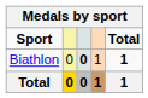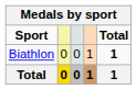 <table class="wikitable" style="font-size:85%;float:right">
 <tr style="background:#efefef;">
 <th colspan=5><strong>Medals by sport</strong></th>
 </tr>
 <tr align=center>
 <td><strong>Sport</strong></td>
 <td bgcolor=#f7f6a8></td>
 <td bgcolor=#dce5e5></td>
 <td bgcolor=#ffdab9></td>
 <td><strong>Total</strong></td>
 </tr>
 <tr align=center>
 <td><a href='#'>Biathlon</a></td>
 <td style="background:#F7F6A8;">0</td>
-<td style="background:#DCE5E5;"><strong>0</strong></td>
+<td style="background:#DCE5E5;">0</td>
 <td style="background:#FFDAB9;">1</td>
 <td><strong>1</strong></td>
 </tr>
 <tr align=center>
 <th><strong>Total</strong></th>
 <th style="background:gold;"><strong>0</strong></th>
 <th style="background:silver;"><strong>0</strong></th>
 <th style="background:#c96;"><strong>1</strong></th>
 <th><strong>1</strong></th>
 </tr>
 </table>
